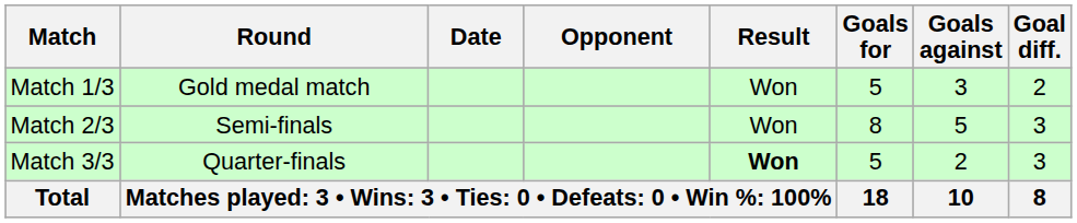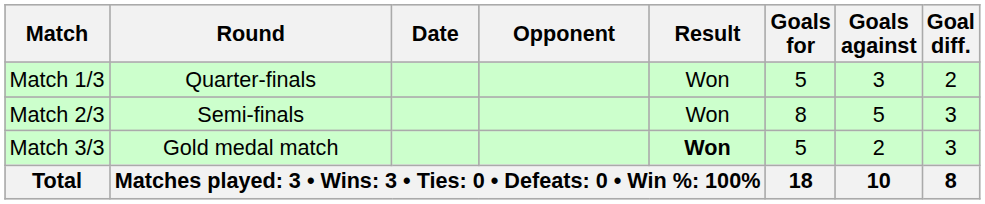 <table class="wikitable sortable" style="text-align: center; font-size: 85%; margin-left: 1em;">
 <tr>
 <th>Match</th>
 <th>Round</th>
 <th>Date</th>
 <th>Opponent</th>
 <th>Result</th>
 <th>Goals<br>for</th>
 <th>Goals<br>against</th>
 <th>Goal<br>diff.</th>
 </tr>
 <tr style="background-color: #ccffcc;">
 <td>Match 1/3</td>
-<td>Gold medal match</td>
+<td>Quarter-finals</td>
 <td style="text-align: right;"></td>
 <td style="text-align: left;"></td>
 <td>Won</td>
 <td>5</td>
 <td>3</td>
 <td>2</td>
 </tr>
 <tr style="background-color: #ccffcc;">
 <td>Match 2/3</td>
 <td>Semi-finals</td>
 <td style="text-align: right;"></td>
 <td style="text-align: left;"></td>
 <td>Won</td>
 <td>8</td>
 <td>5</td>
 <td>3</td>
 </tr>
 <tr style="background-color: #ccffcc;">
 <td>Match 3/3</td>
-<td>Quarter-finals</td>
+<td>Gold medal match</td>
 <td style="text-align: right;"></td>
 <td style="text-align: left;"></td>
 <td><strong>Won</strong></td>
 <td>5</td>
 <td>2</td>
 <td>3</td>
 </tr>
 <tr>
 <th>Total</th>
 <th colspan="4">Matches played: 3 • Wins: 3 • Ties: 0 • Defeats: 0 • Win %: 100%</th>
 <th>18</th>
 <th>10</th>
 <th>8</th>
 </tr>
 </table>
